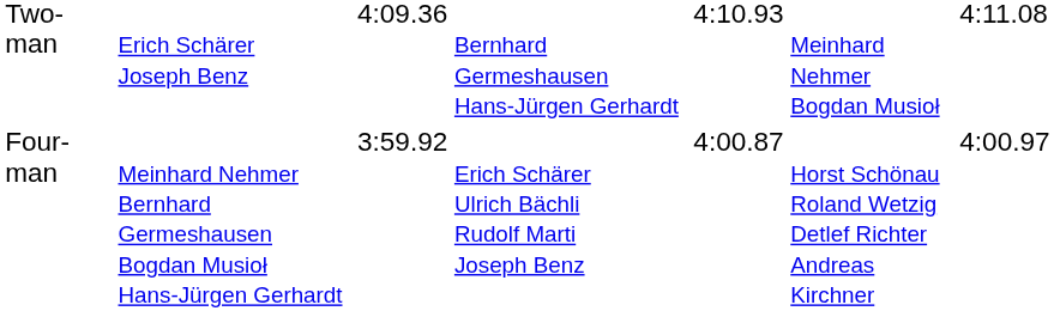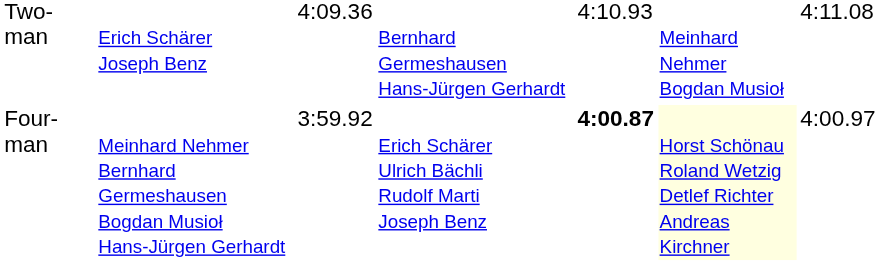 <table>
 <tr valign="top">
 <td>Two-man <br></td>
 <td><br> <small><a href='#'>Erich Schärer</a><br><a href='#'>Joseph Benz</a></small></td>
 <td>4:09.36</td>
 <td><br> <small><a href='#'>Bernhard Germeshausen</a><br><a href='#'>Hans-Jürgen Gerhardt</a></small></td>
 <td>4:10.93</td>
 <td><br><small> <a href='#'>Meinhard Nehmer</a><br><a href='#'>Bogdan Musioł</a></small></td>
 <td>4:11.08</td>
 </tr>
 <tr valign="top">
 <td>Four-man <br></td>
 <td><br><small> <a href='#'>Meinhard Nehmer</a><br> <a href='#'>Bernhard Germeshausen</a> <br> <a href='#'>Bogdan Musioł</a> <br> <a href='#'>Hans-Jürgen Gerhardt</a></small></td>
 <td>3:59.92</td>
 <td><br><small> <a href='#'>Erich Schärer</a> <br> <a href='#'>Ulrich Bächli</a> <br> <a href='#'>Rudolf Marti</a> <br>  <a href='#'>Joseph Benz</a></small></td>
-<td>4:00.87</td>
-<td><br><small> <a href='#'>Horst Schönau</a> <br> <a href='#'>Roland Wetzig</a> <br> <a href='#'>Detlef Richter</a> <br>  <a href='#'>Andreas Kirchner</a></small></td>
+<td><strong>4:00.87</strong></td>
+<td style="background: lightyellow;"><br><small> <a href='#'>Horst Schönau</a> <br> <a href='#'>Roland Wetzig</a> <br> <a href='#'>Detlef Richter</a> <br>  <a href='#'>Andreas Kirchner</a></small></td>
 <td>4:00.97</td>
 </tr>
 </table>
